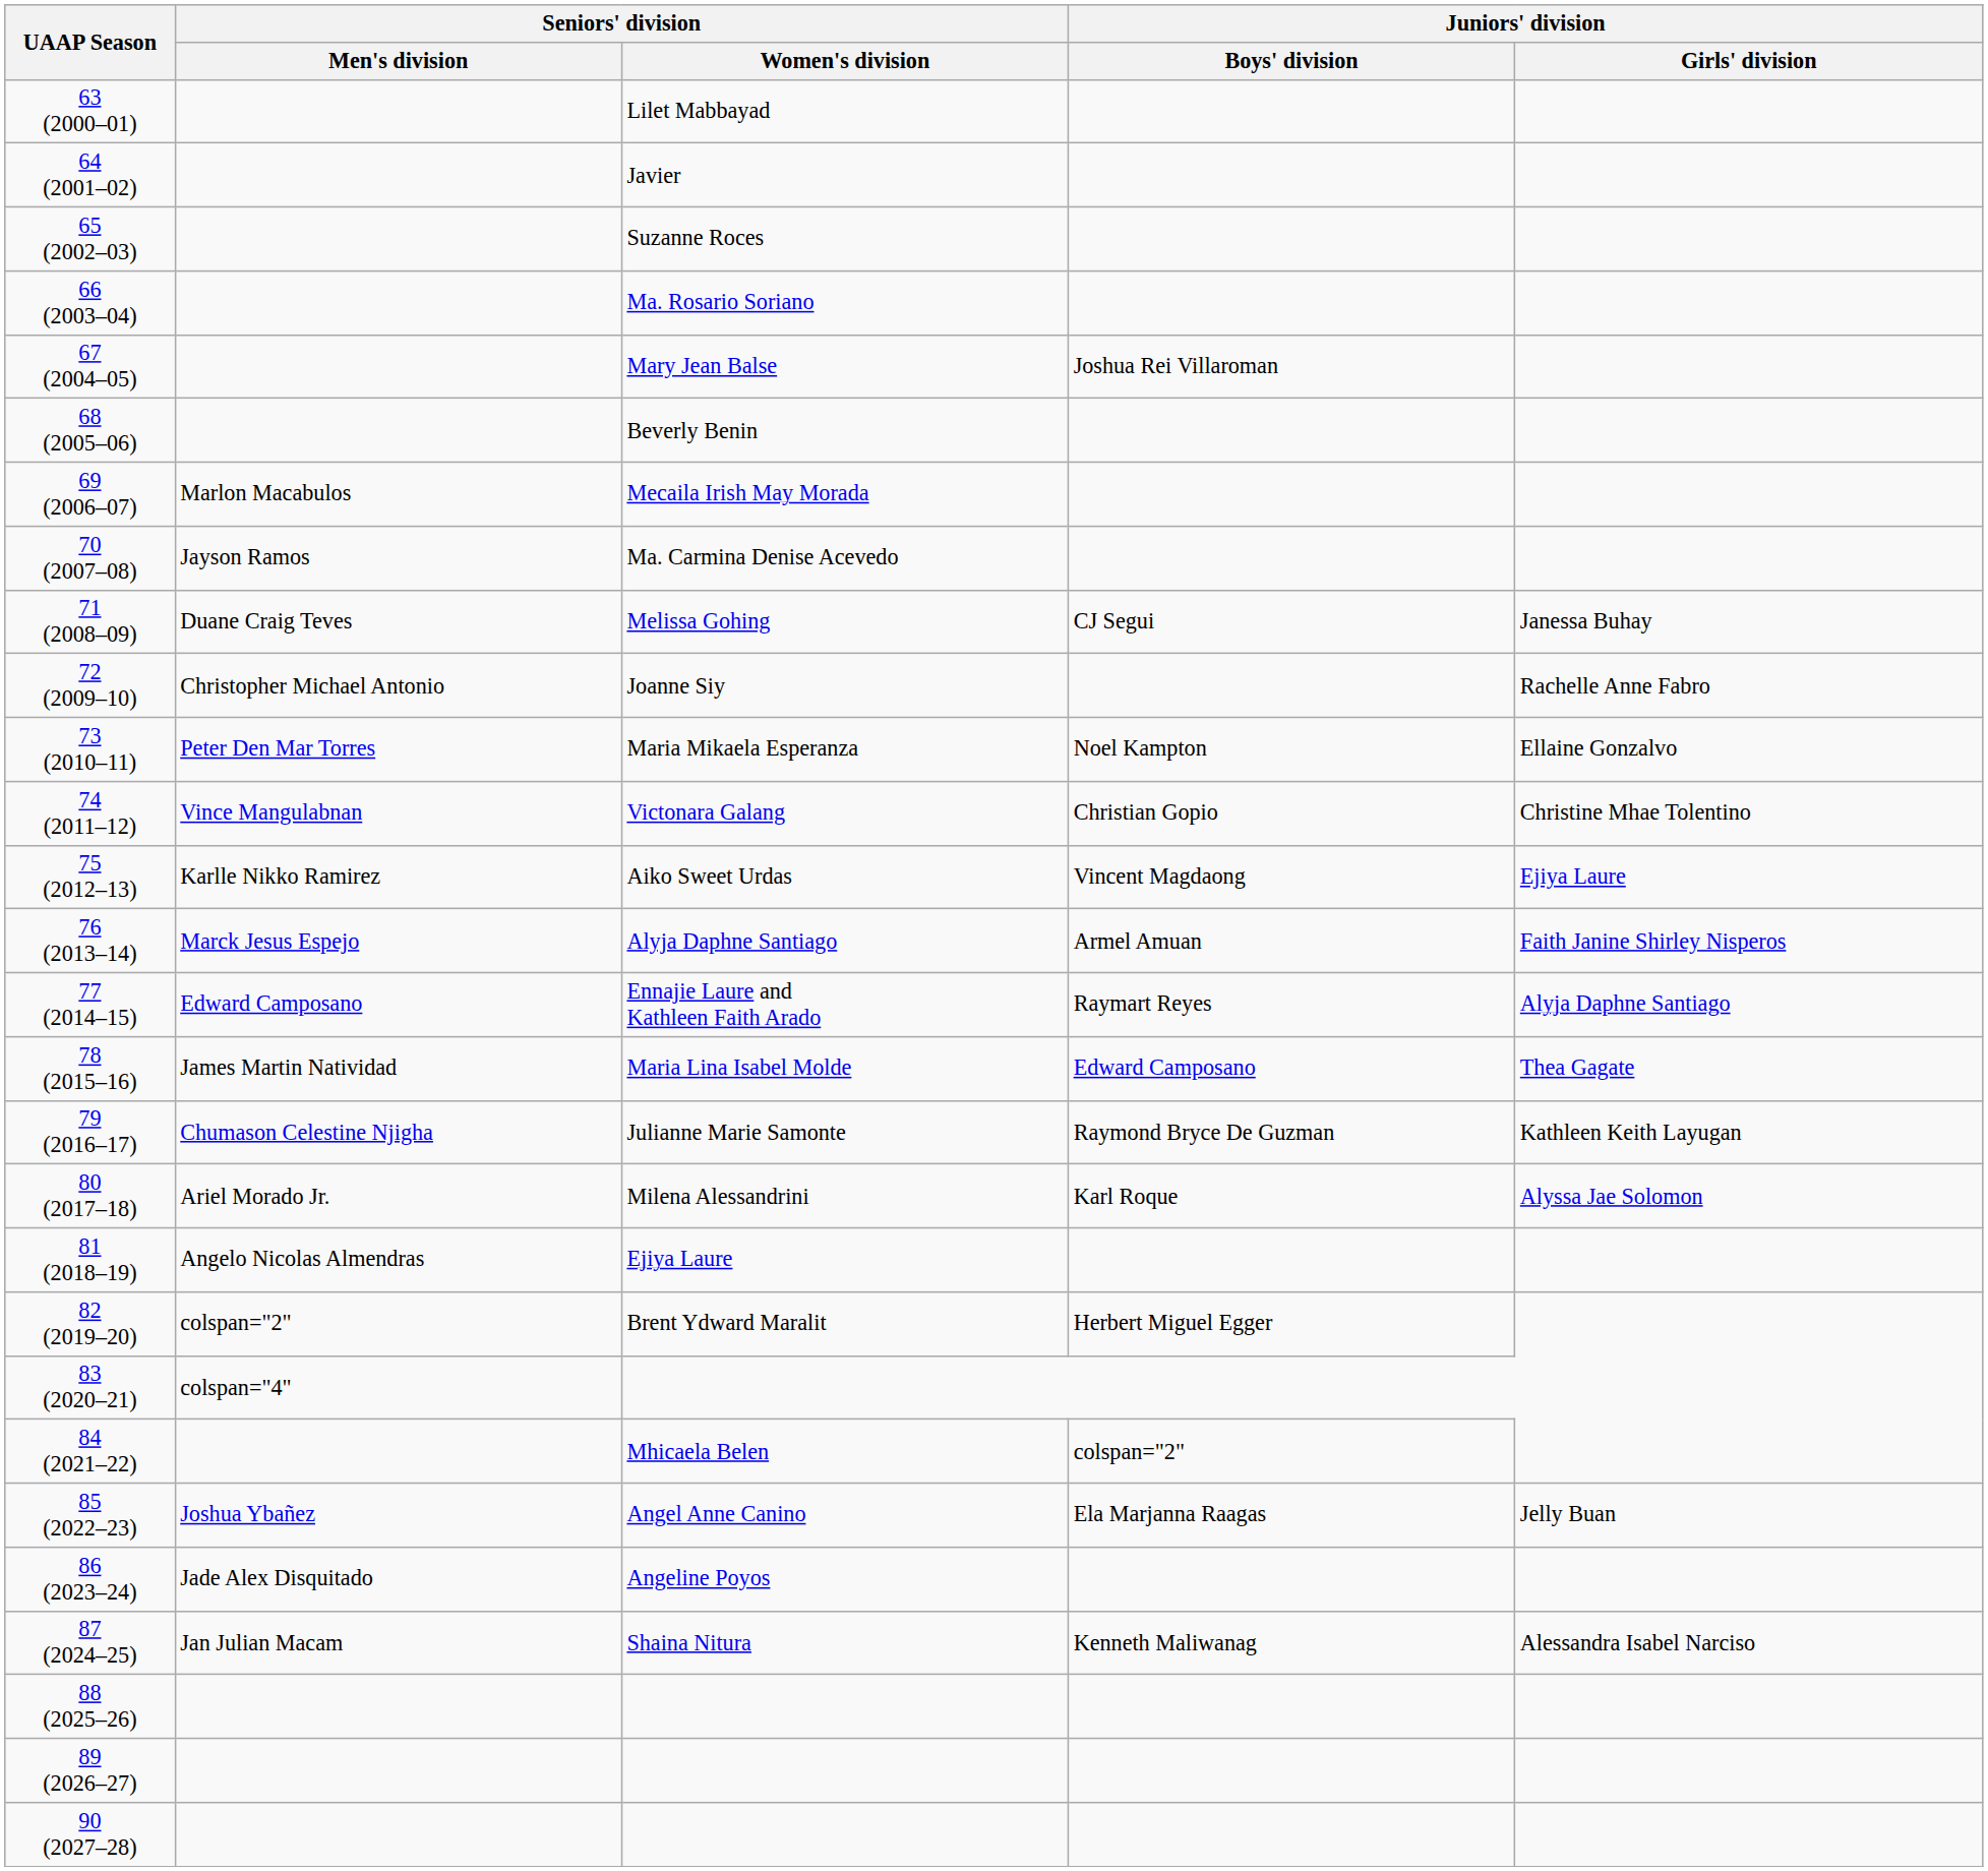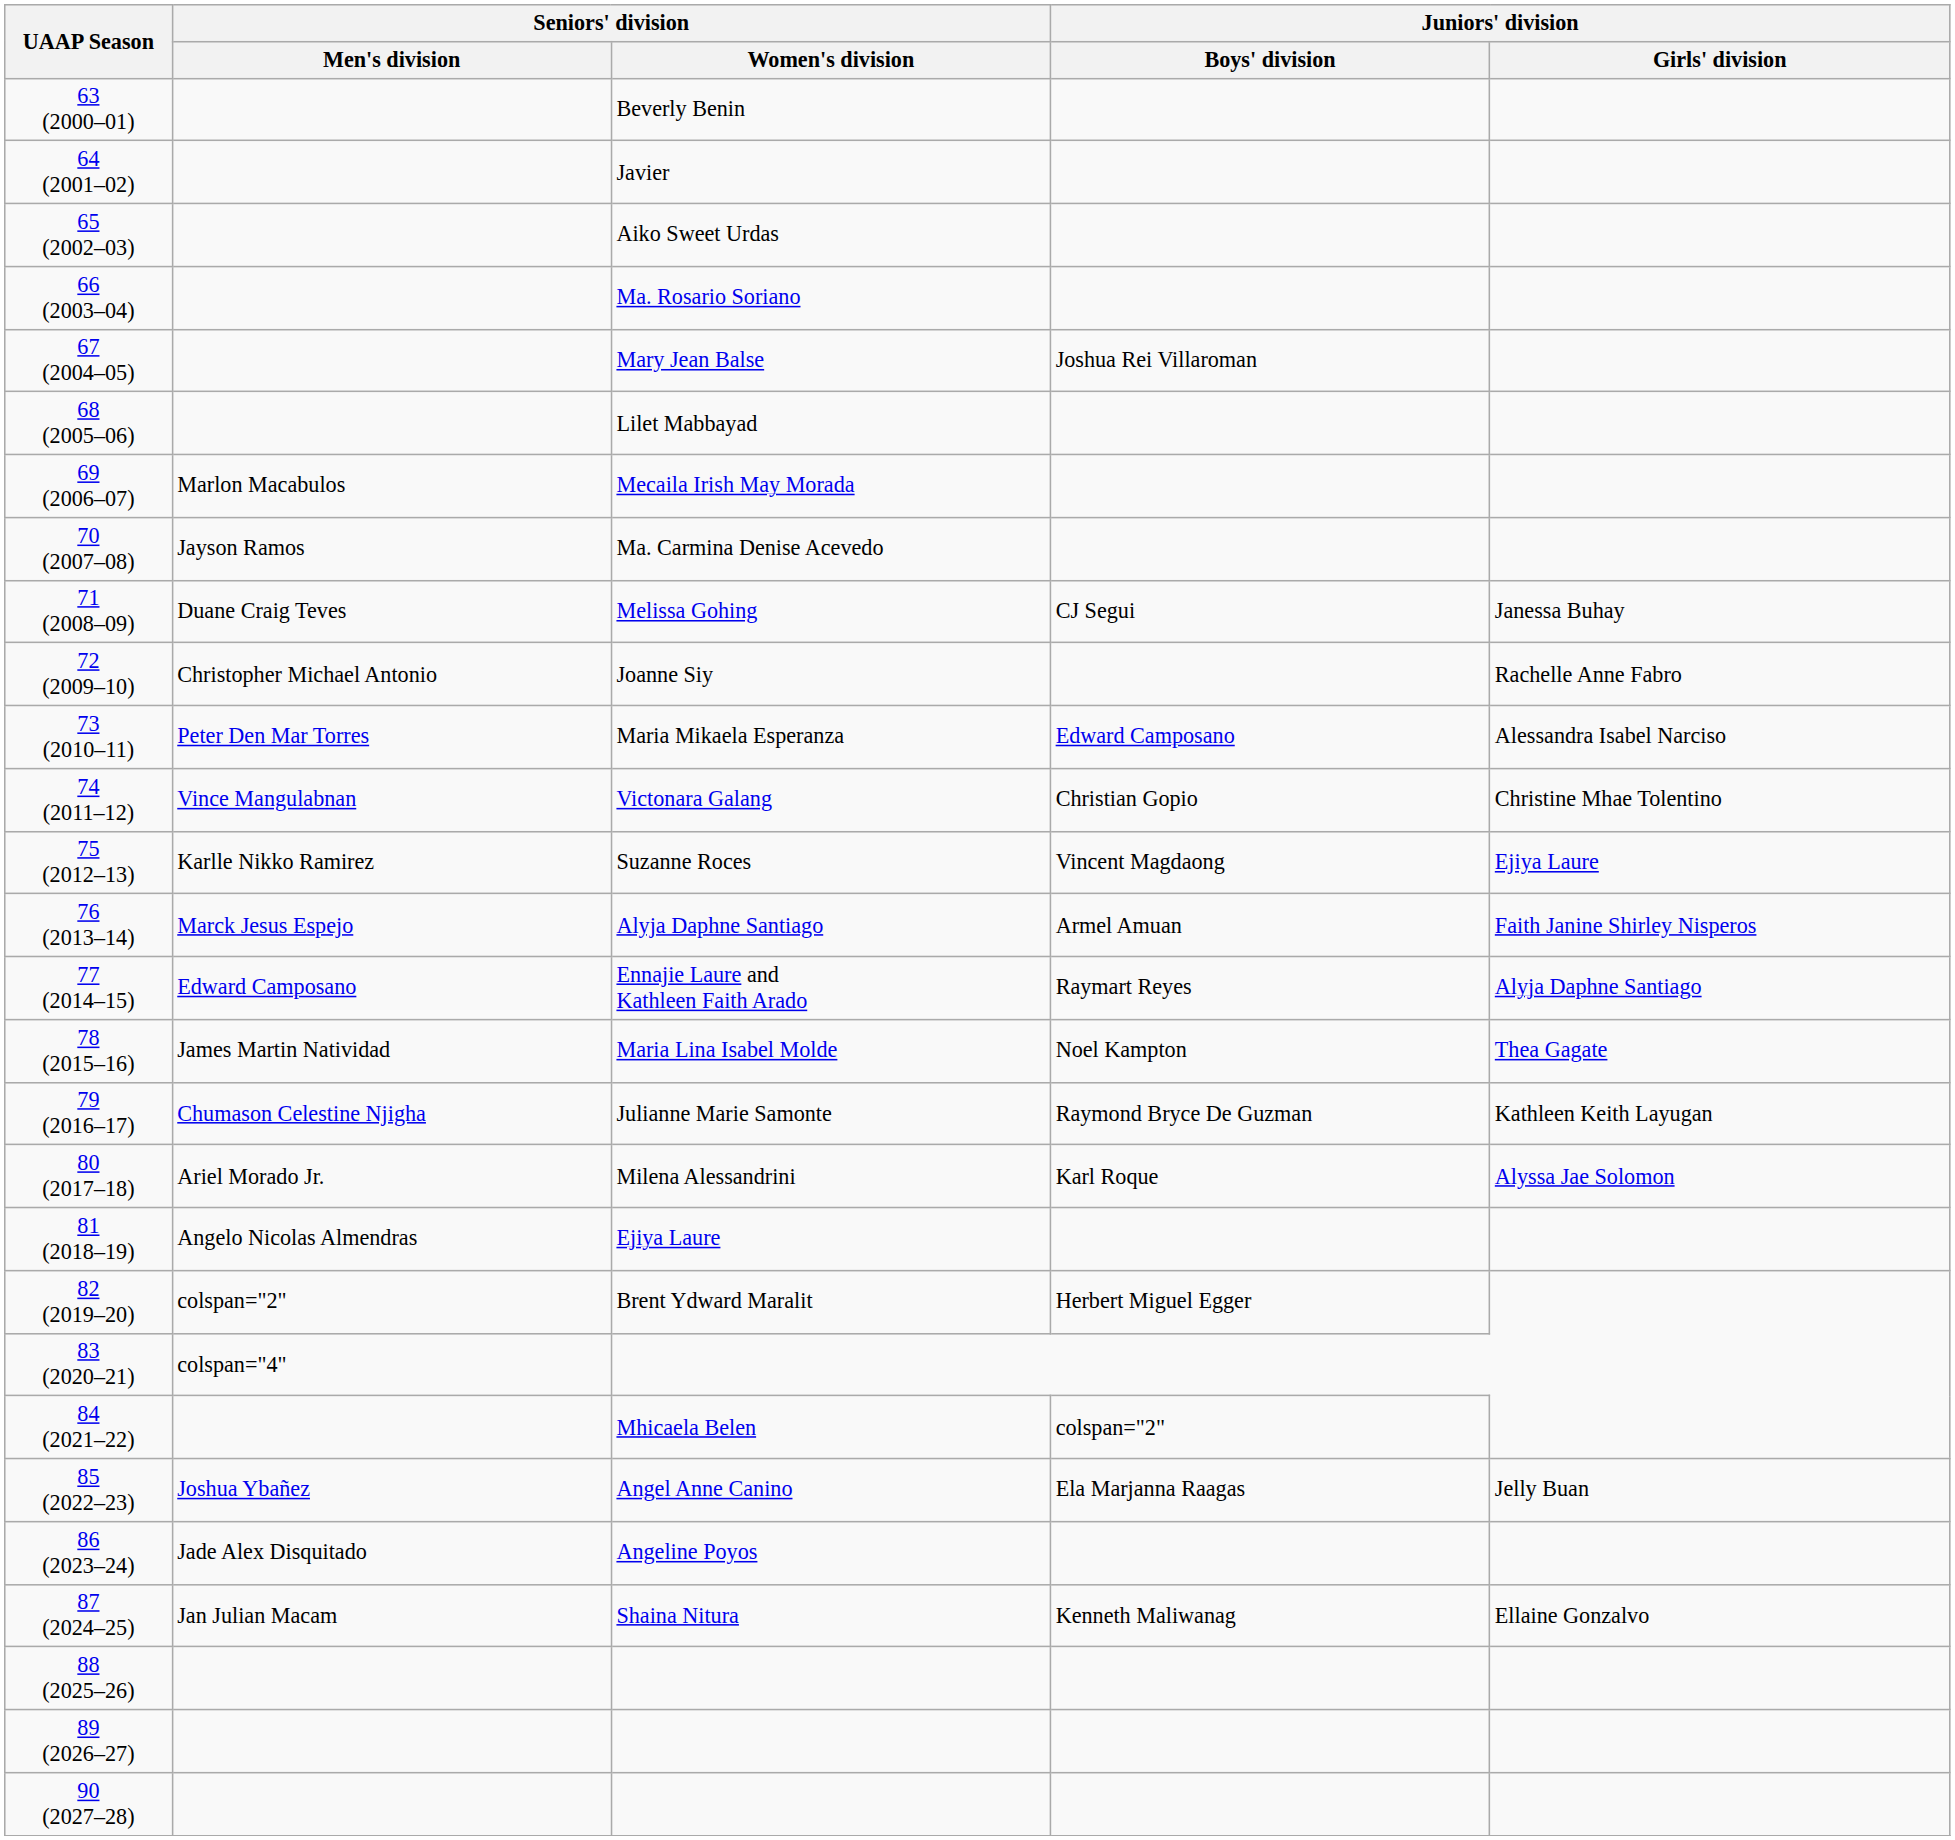 <table class="wikitable" width="100%" style="font-size:90%;">
 <tr>
 <th rowspan=2 width=8%>UAAP Season</th>
 <th colspan=2>Seniors' division</th>
 <th colspan=2>Juniors' division</th>
 </tr>
 <tr>
 <th width=21%>Men's division</th>
 <th width=21%>Women's division</th>
 <th width=21%>Boys' division</th>
 <th width=22%>Girls' division</th>
 </tr>
 <tr>
 <td align="center"><a href='#'>63</a><br>(2000–01)</td>
 <td></td>
-<td> Lilet Mabbayad</td>
+<td> Beverly Benin</td>
 <td></td>
 <td></td>
 </tr>
 <tr>
 <td align="center"><a href='#'>64</a><br>(2001–02)</td>
 <td></td>
 <td> Javier</td>
 <td></td>
 <td></td>
 </tr>
 <tr>
 <td align="center"><a href='#'>65</a><br>(2002–03)</td>
 <td></td>
-<td> Suzanne Roces</td>
+<td> Aiko Sweet Urdas</td>
 <td></td>
 <td></td>
 </tr>
 <tr>
 <td align="center"><a href='#'>66</a><br>(2003–04)</td>
 <td></td>
 <td> <a href='#'>Ma. Rosario Soriano</a></td>
 <td></td>
 <td></td>
 </tr>
 <tr>
 <td align="center"><a href='#'>67</a><br>(2004–05)</td>
 <td></td>
 <td> <a href='#'>Mary Jean Balse</a></td>
 <td> Joshua Rei Villaroman</td>
 <td></td>
 </tr>
 <tr>
 <td align="center"><a href='#'>68</a><br>(2005–06)</td>
 <td></td>
-<td> Beverly Benin</td>
+<td> Lilet Mabbayad</td>
 <td></td>
 <td></td>
 </tr>
 <tr>
 <td align="center"><a href='#'>69</a><br>(2006–07)</td>
 <td> Marlon Macabulos</td>
 <td> <a href='#'>Mecaila Irish May Morada</a></td>
 <td></td>
 <td></td>
 </tr>
 <tr>
 <td align="center"><a href='#'>70</a><br>(2007–08)</td>
 <td> Jayson Ramos</td>
 <td> Ma. Carmina Denise Acevedo</td>
 <td></td>
 <td></td>
 </tr>
 <tr>
 <td align="center"><a href='#'>71</a><br>(2008–09)</td>
 <td> Duane Craig Teves</td>
 <td> <a href='#'>Melissa Gohing</a></td>
 <td> CJ Segui</td>
 <td> Janessa Buhay</td>
 </tr>
 <tr>
 <td align="center"><a href='#'>72</a><br>(2009–10)</td>
 <td> Christopher Michael Antonio</td>
 <td> Joanne Siy</td>
 <td></td>
 <td> Rachelle Anne Fabro</td>
 </tr>
 <tr>
 <td align="center"><a href='#'>73</a><br>(2010–11)</td>
 <td> <a href='#'>Peter Den Mar Torres</a></td>
 <td> Maria Mikaela Esperanza</td>
-<td> Noel Kampton</td>
-<td> Ellaine Gonzalvo</td>
+<td> <a href='#'>Edward Camposano</a></td>
+<td> Alessandra Isabel Narciso</td>
 </tr>
 <tr>
 <td align="center"><a href='#'>74</a><br>(2011–12)</td>
 <td> <a href='#'>Vince Mangulabnan</a></td>
 <td> <a href='#'>Victonara Galang</a></td>
 <td> Christian Gopio</td>
 <td> Christine Mhae Tolentino</td>
 </tr>
 <tr>
 <td align="center"><a href='#'>75</a><br>(2012–13)</td>
 <td> Karlle Nikko Ramirez</td>
-<td> Aiko Sweet Urdas</td>
+<td> Suzanne Roces</td>
 <td> Vincent Magdaong</td>
 <td> <a href='#'>Ejiya Laure</a></td>
 </tr>
 <tr>
 <td align="center"><a href='#'>76</a><br>(2013–14)</td>
 <td> <a href='#'>Marck Jesus Espejo</a></td>
 <td> <a href='#'>Alyja Daphne Santiago</a></td>
 <td> Armel Amuan</td>
 <td> <a href='#'>Faith Janine Shirley Nisperos</a></td>
 </tr>
 <tr>
 <td align="center"><a href='#'>77</a><br>(2014–15)</td>
 <td> <a href='#'>Edward Camposano</a></td>
 <td> <a href='#'>Ennajie Laure</a> and <br>  <a href='#'>Kathleen Faith Arado</a></td>
 <td> Raymart Reyes</td>
 <td> <a href='#'>Alyja Daphne Santiago</a></td>
 </tr>
 <tr>
 <td align="center"><a href='#'>78</a><br>(2015–16)</td>
 <td> James Martin Natividad</td>
 <td> <a href='#'>Maria Lina Isabel Molde</a></td>
-<td> <a href='#'>Edward Camposano</a></td>
+<td> Noel Kampton</td>
 <td> <a href='#'>Thea Gagate</a></td>
 </tr>
 <tr>
 <td align="center"><a href='#'>79</a><br>(2016–17)</td>
 <td>  <a href='#'>Chumason Celestine Njigha</a></td>
 <td> Julianne Marie Samonte</td>
 <td> Raymond Bryce De Guzman</td>
 <td> Kathleen Keith Layugan</td>
 </tr>
 <tr>
 <td align="center"><a href='#'>80</a><br>(2017–18)</td>
 <td>  Ariel Morado Jr.</td>
 <td>  Milena Alessandrini</td>
 <td> Karl Roque</td>
 <td> <a href='#'>Alyssa Jae Solomon</a></td>
 </tr>
 <tr>
 <td align="center"><a href='#'>81</a><br>(2018–19)</td>
 <td> Angelo Nicolas Almendras</td>
 <td>  <a href='#'>Ejiya Laure</a></td>
 <td></td>
 <td></td>
 </tr>
 <tr>
 <td align="center"><a href='#'>82</a><br>(2019–20)</td>
 <td>colspan="2" </td>
 <td> Brent Ydward Maralit</td>
 <td> Herbert Miguel Egger</td>
 </tr>
 <tr>
 <td align="center"><a href='#'>83</a><br>(2020–21)</td>
 <td>colspan="4" </td>
 </tr>
 <tr>
 <td align="center"><a href='#'>84</a><br>(2021–22)</td>
 <td></td>
 <td> <a href='#'>Mhicaela Belen</a></td>
 <td>colspan="2" </td>
 </tr>
 <tr>
 <td align="center"><a href='#'>85</a><br>(2022–23)</td>
 <td> <a href='#'>Joshua Ybañez</a></td>
 <td> <a href='#'>Angel Anne Canino</a></td>
 <td> Ela Marjanna Raagas</td>
 <td> Jelly Buan</td>
 </tr>
 <tr>
 <td align="center"><a href='#'>86</a><br>(2023–24)</td>
 <td> Jade Alex Disquitado</td>
 <td> <a href='#'>Angeline Poyos</a></td>
 <td></td>
 <td></td>
 </tr>
 <tr>
 <td align="center"><a href='#'>87</a><br>(2024–25)</td>
 <td> Jan Julian Macam</td>
 <td> <a href='#'>Shaina Nitura</a></td>
 <td> Kenneth Maliwanag</td>
-<td> Alessandra Isabel Narciso</td>
+<td> Ellaine Gonzalvo</td>
 </tr>
 <tr>
 <td align="center"><a href='#'>88</a><br>(2025–26)</td>
 <td></td>
 <td></td>
 <td></td>
 <td></td>
 </tr>
 <tr>
 <td align="center"><a href='#'>89</a><br>(2026–27)</td>
 <td></td>
 <td></td>
 <td></td>
 <td></td>
 </tr>
 <tr>
 <td align="center"><a href='#'>90</a><br>(2027–28)</td>
 <td></td>
 <td></td>
 <td></td>
 <td></td>
 </tr>
 <tr>
 </tr>
 </table>
